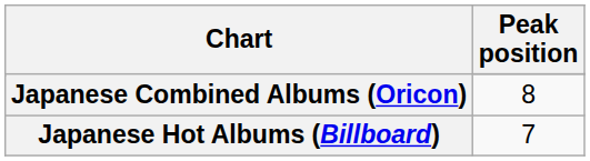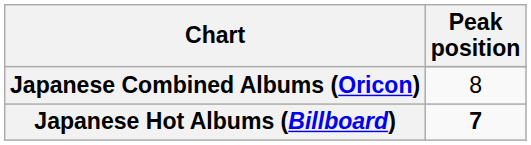 <table class="wikitable sortable plainrowheaders" style="text-align:center;">
 <tr>
 <th scope="col" rowspan="2">Chart</th>
 <th scope="col" colspan="2">Peak<br>position</th>
 </tr>
 <tr>
 </tr>
 <tr>
 <th scope="row">Japanese Combined Albums (<a href='#'>Oricon</a>)</th>
 <td>8</td>
 </tr>
 <tr>
 <th scope="row">Japanese Hot Albums (<em><a href='#'>Billboard</a></em>)</th>
-<td>7</td>
+<td><strong>7</strong></td>
 </tr>
 </table>
